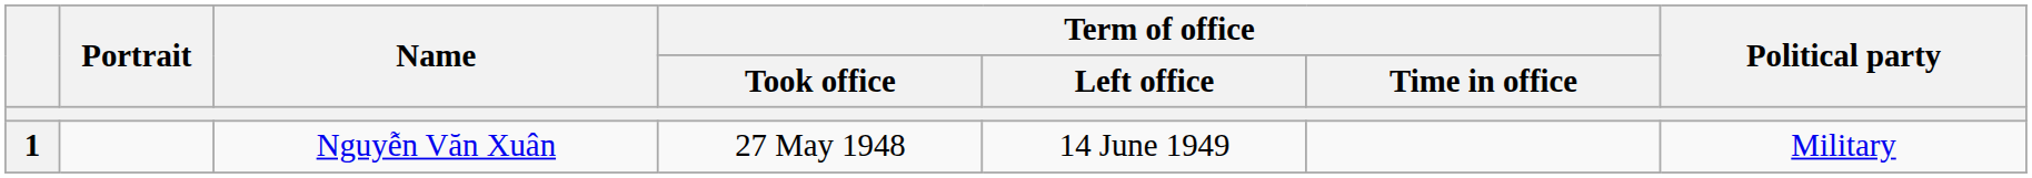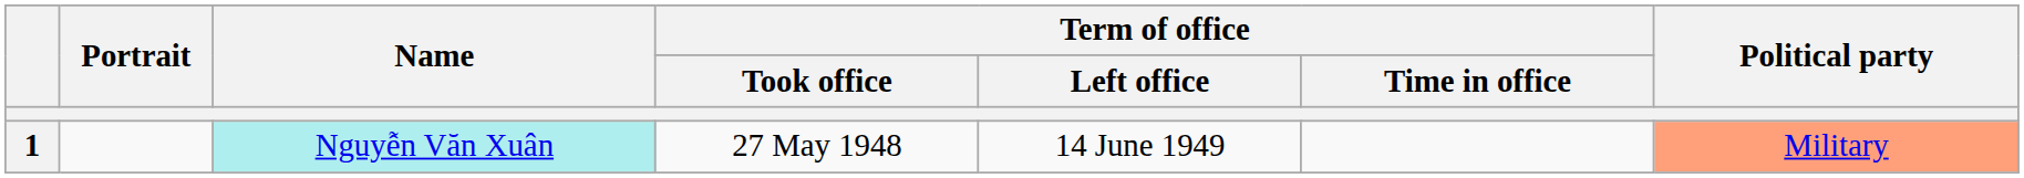 <table class="wikitable" style="text-align:center; border:1px #aaf solid; width:80%;">
 <tr>
 <th rowspan="2"></th>
 <th rowspan="2" style="width:70px;">Portrait</th>
 <th rowspan="2">Name<br></th>
 <th colspan="3">Term of office</th>
 <th rowspan="2">Political party</th>
 </tr>
 <tr>
 <th>Took office</th>
 <th>Left office</th>
 <th>Time in office</th>
 </tr>
 <tr>
 <th colspan=7></th>
 </tr>
 <tr>
 <th style="background:">1</th>
 <td></td>
-<td><a href='#'>Nguyễn Văn Xuân</a><br></td>
+<td style="background: paleturquoise;"><a href='#'>Nguyễn Văn Xuân</a><br></td>
 <td>27 May 1948</td>
 <td>14 June 1949</td>
 <td></td>
-<td><a href='#'>Military</a></td>
+<td style="background: lightsalmon;"><a href='#'>Military</a></td>
 </tr>
 </table>
